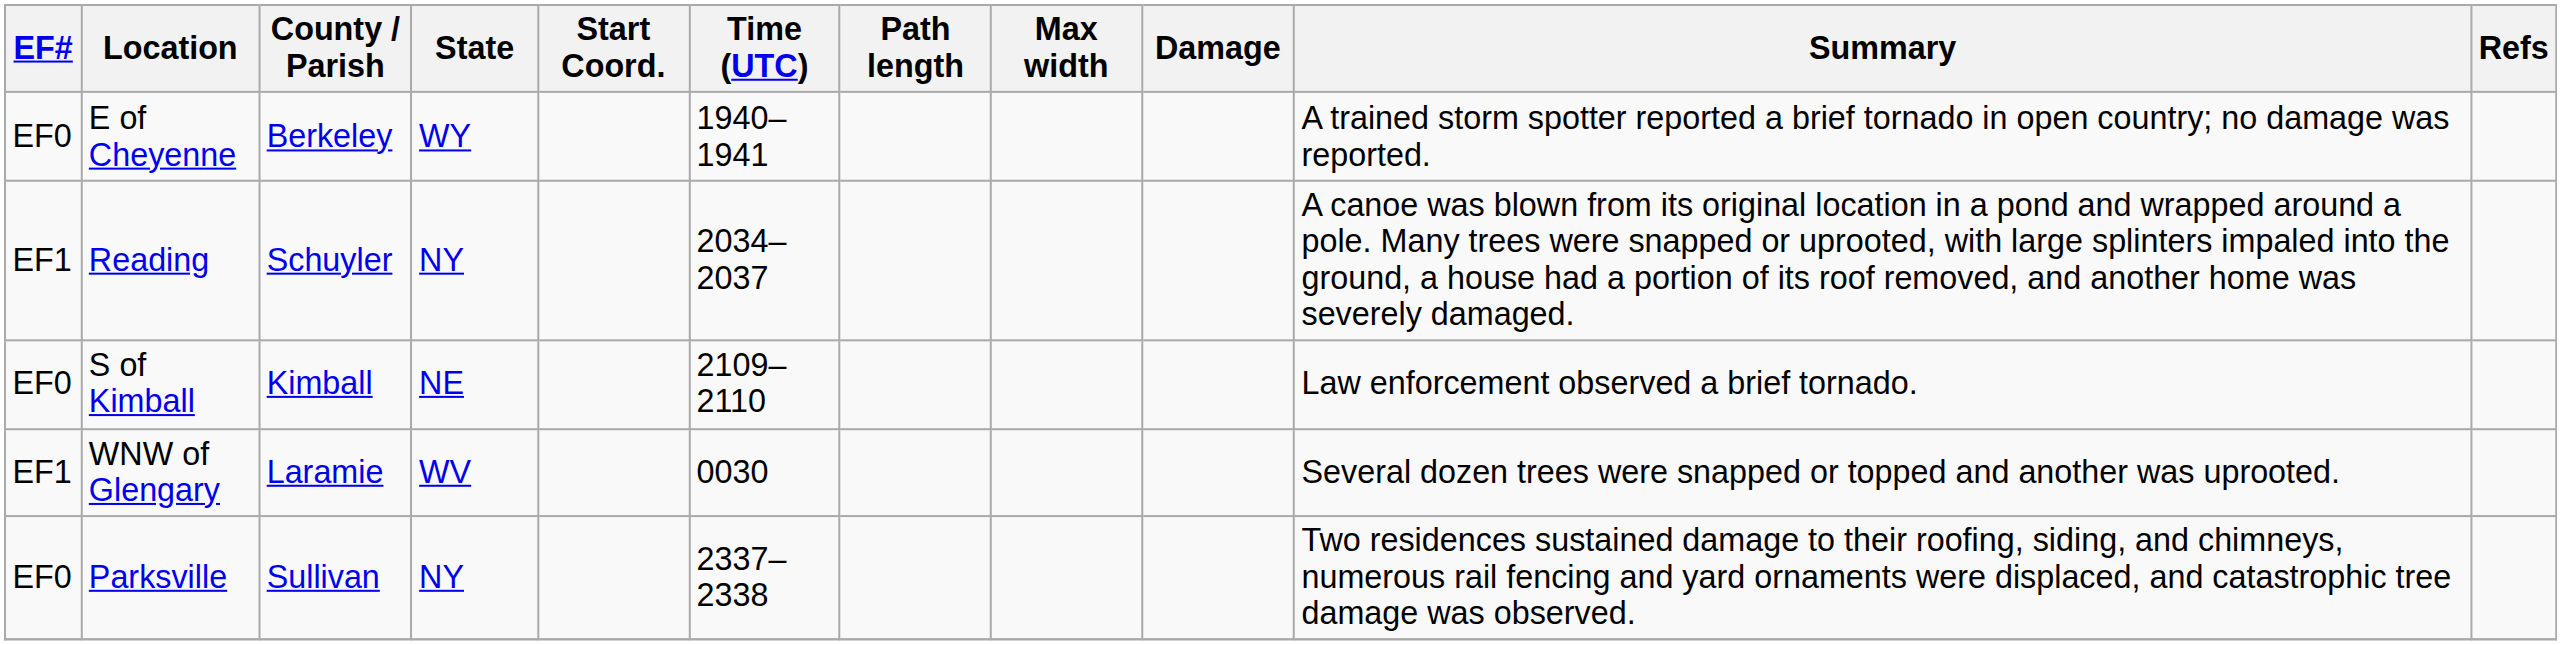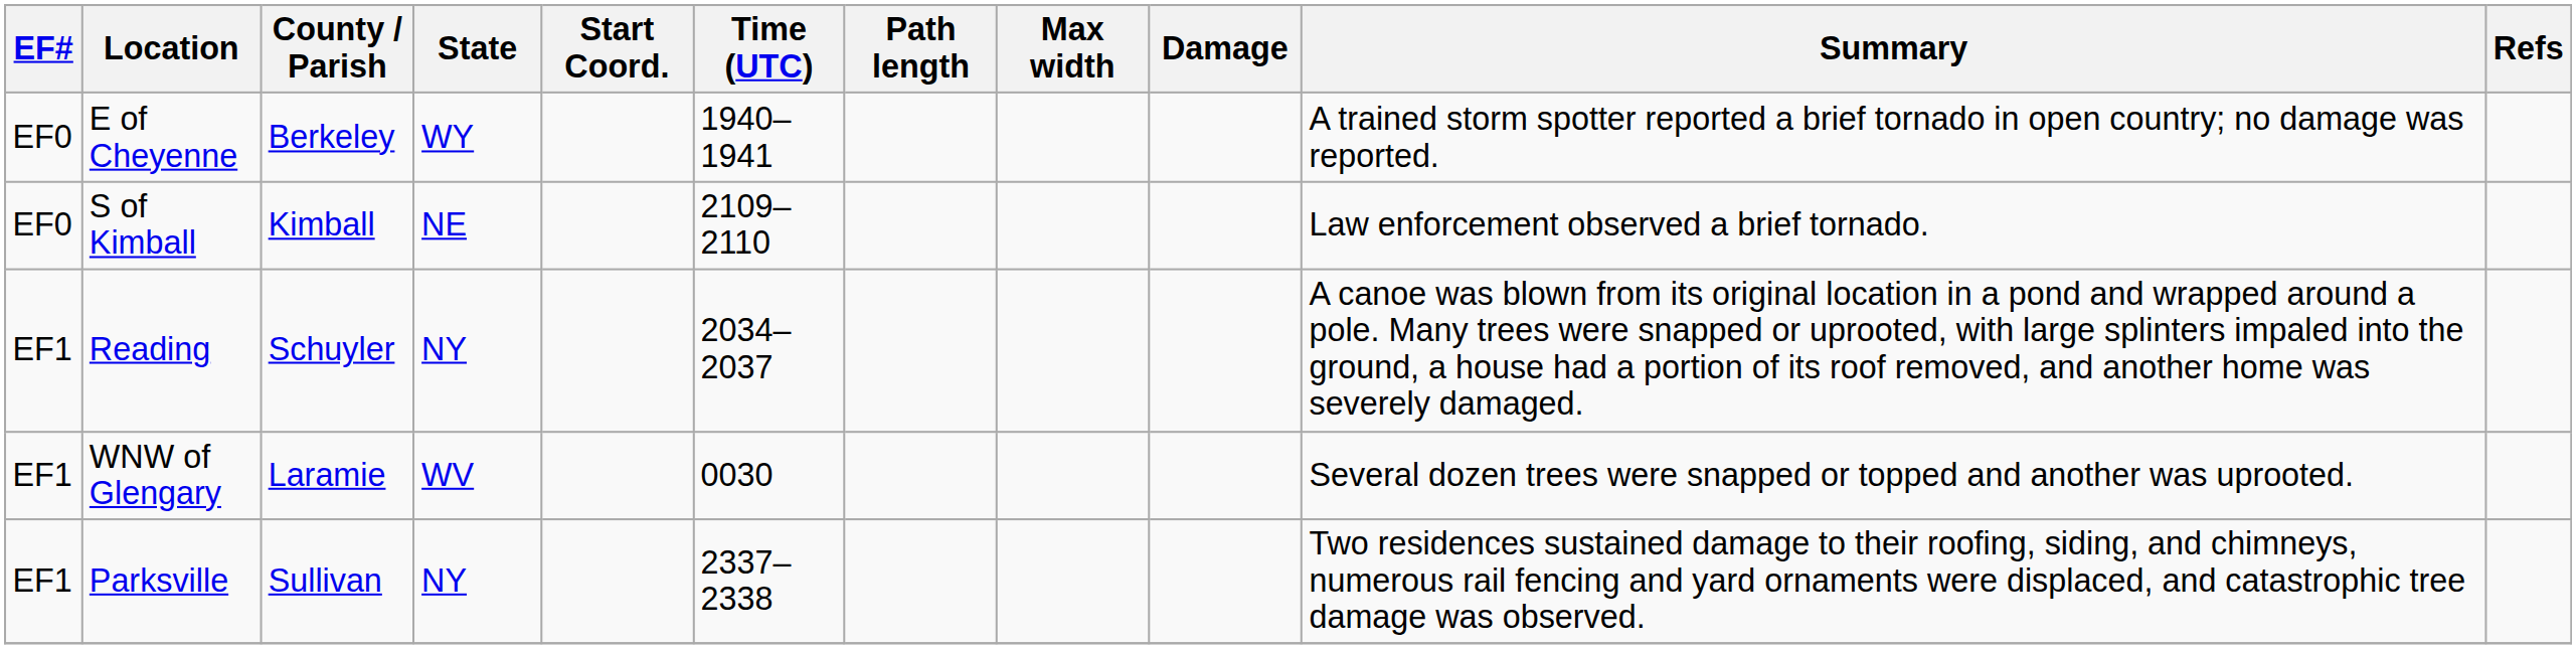 <table class="wikitable sortable" style="width:100%;">
 <tr>
 <th scope="col" width="3%" align="center"><a href='#'>EF#</a></th>
 <th scope="col" width="7%" align="center" class="unsortable">Location</th>
 <th scope="col" width="6%" align="center" class="unsortable">County / Parish</th>
 <th scope="col" width="5%" align="center">State</th>
 <th scope="col" width="6%" align="center">Start Coord.</th>
 <th scope="col" width="6%" align="center">Time (<a href='#'>UTC</a>)</th>
 <th scope="col" width="6%" align="center">Path length</th>
 <th scope="col" width="6%" align="center">Max width</th>
 <th scope="col" width="6%" align="center">Damage</th>
 <th scope="col" width="48%" class="unsortable" align="center">Summary</th>
 <th scope="col" width="48%" class="unsortable" align="center">Refs</th>
 </tr>
 <tr>
 <td>EF0</td>
 <td>E of <a href='#'>Cheyenne</a></td>
 <td><a href='#'>Berkeley</a></td>
 <td><a href='#'>WY</a></td>
 <td></td>
 <td>1940–1941</td>
 <td></td>
 <td></td>
 <td></td>
 <td>A trained storm spotter reported a brief tornado in open country; no damage was reported.</td>
 <td></td>
 </tr>
 <tr>
+<td>EF0</td>
+<td>S of <a href='#'>Kimball</a></td>
+<td><a href='#'>Kimball</a></td>
+<td><a href='#'>NE</a></td>
+<td></td>
+<td>2109–2110</td>
+<td></td>
+<td></td>
+<td></td>
+<td>Law enforcement observed a brief tornado.</td>
+<td></td>
+</tr>
+<tr>
 <td>EF1</td>
 <td><a href='#'>Reading</a></td>
 <td><a href='#'>Schuyler</a></td>
 <td><a href='#'>NY</a></td>
 <td></td>
 <td>2034–2037</td>
 <td></td>
 <td></td>
 <td></td>
 <td>A canoe was blown  from its original location in a pond and wrapped around a pole. Many trees were snapped or uprooted, with large splinters impaled into the ground, a house had a portion of its roof removed, and another home was severely damaged.</td>
-<td></td>
-</tr>
-<tr>
-<td>EF0</td>
-<td>S of <a href='#'>Kimball</a></td>
-<td><a href='#'>Kimball</a></td>
-<td><a href='#'>NE</a></td>
-<td></td>
-<td>2109–2110</td>
-<td></td>
-<td></td>
-<td></td>
-<td>Law enforcement observed a brief tornado.</td>
 <td></td>
 </tr>
 <tr>
 <td>EF1</td>
 <td>WNW of <a href='#'>Glengary</a></td>
 <td><a href='#'>Laramie</a></td>
 <td><a href='#'>WV</a></td>
 <td></td>
 <td>0030</td>
 <td></td>
 <td></td>
 <td></td>
 <td>Several dozen trees were snapped or topped and another was uprooted.</td>
 <td></td>
 </tr>
 <tr>
-<td>EF0</td>
+<td>EF1</td>
 <td><a href='#'>Parksville</a></td>
 <td><a href='#'>Sullivan</a></td>
 <td><a href='#'>NY</a></td>
 <td></td>
 <td>2337–2338</td>
 <td></td>
 <td></td>
 <td></td>
 <td>Two residences sustained damage to their roofing, siding, and chimneys, numerous rail fencing and yard ornaments were displaced, and catastrophic tree damage was observed.</td>
 <td></td>
 </tr>
 <tr>
 </tr>
 </table>
